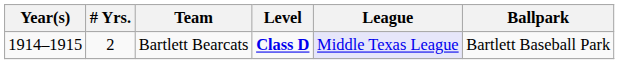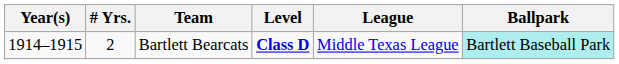 <table class="wikitable" style="text-align:center; font-size: 95%;">
 <tr>
 <th>Year(s)</th>
 <th># Yrs.</th>
 <th>Team</th>
 <th>Level</th>
 <th>League</th>
 <th>Ballpark</th>
 </tr>
 <tr>
 <td>1914–1915</td>
 <td>2</td>
 <td>Bartlett Bearcats</td>
 <td><strong><a href='#'>Class D</a></strong></td>
-<td style="background: lavender;"><a href='#'>Middle Texas League</a></td>
-<td>Bartlett Baseball Park</td>
+<td><a href='#'>Middle Texas League</a></td>
+<td style="background: paleturquoise;">Bartlett Baseball Park</td>
 </tr>
 <tr>
 </tr>
 </table>
